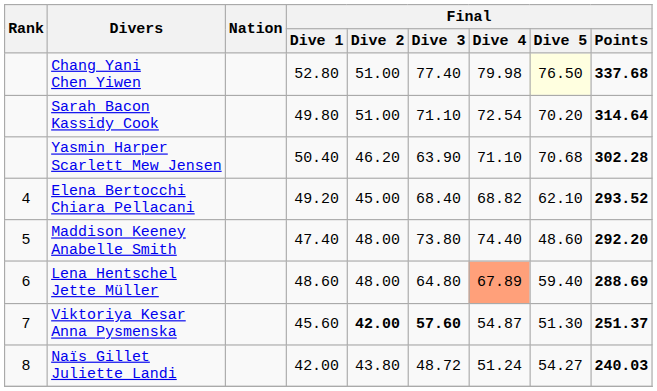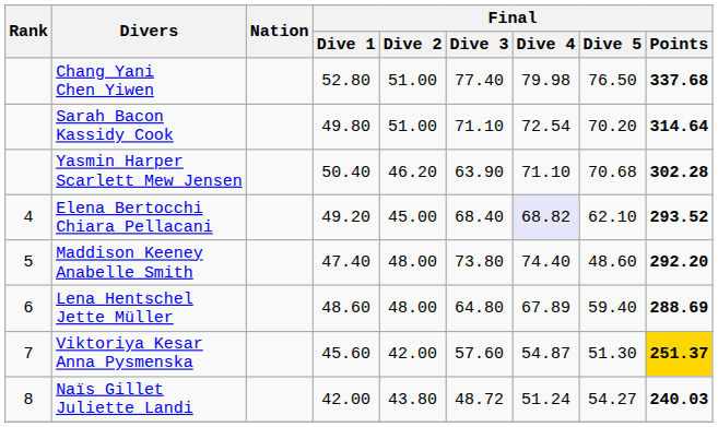 <table class="wikitable sortable" style="text-align:center">
 <tr>
 <th rowspan=2 data-sort-type=number>Rank</th>
 <th rowspan=2>Divers</th>
 <th rowspan=2>Nation</th>
 <th colspan=6>Final</th>
 </tr>
 <tr>
 <th>Dive 1</th>
 <th>Dive 2</th>
 <th>Dive 3</th>
 <th>Dive 4</th>
 <th>Dive 5</th>
 <th>Points</th>
 </tr>
 <tr>
 <td></td>
 <td align=left><a href='#'>Chang Yani</a><br><a href='#'>Chen Yiwen</a></td>
 <td align=left></td>
 <td>52.80</td>
 <td>51.00</td>
 <td>77.40</td>
 <td>79.98</td>
-<td style="background: lightyellow;">76.50</td>
+<td>76.50</td>
 <td><strong>337.68</strong></td>
 </tr>
 <tr>
 <td></td>
 <td align=left><a href='#'>Sarah Bacon</a><br><a href='#'>Kassidy Cook</a></td>
 <td align=left></td>
 <td>49.80</td>
 <td>51.00</td>
 <td>71.10</td>
 <td>72.54</td>
 <td>70.20</td>
 <td><strong>314.64</strong></td>
 </tr>
 <tr>
 <td></td>
 <td align=left><a href='#'>Yasmin Harper</a><br><a href='#'>Scarlett Mew Jensen</a></td>
 <td align=left></td>
 <td>50.40</td>
 <td>46.20</td>
 <td>63.90</td>
 <td>71.10</td>
 <td>70.68</td>
 <td><strong>302.28</strong></td>
 </tr>
 <tr>
 <td>4</td>
 <td align=left><a href='#'>Elena Bertocchi</a><br><a href='#'>Chiara Pellacani</a></td>
 <td align=left></td>
 <td>49.20</td>
 <td>45.00</td>
 <td>68.40</td>
-<td>68.82</td>
+<td style="background: lavender;">68.82</td>
 <td>62.10</td>
 <td><strong>293.52</strong></td>
 </tr>
 <tr>
 <td>5</td>
 <td align=left><a href='#'>Maddison Keeney</a><br><a href='#'>Anabelle Smith</a></td>
 <td align=left></td>
 <td>47.40</td>
 <td>48.00</td>
 <td>73.80</td>
 <td>74.40</td>
 <td>48.60</td>
 <td><strong>292.20</strong></td>
 </tr>
 <tr>
 <td>6</td>
 <td align=left><a href='#'>Lena Hentschel</a><br><a href='#'>Jette Müller</a></td>
 <td align=left></td>
 <td>48.60</td>
 <td>48.00</td>
 <td>64.80</td>
-<td style="background: lightsalmon;">67.89</td>
+<td>67.89</td>
 <td>59.40</td>
 <td><strong>288.69</strong></td>
 </tr>
 <tr>
 <td>7</td>
 <td align=left><a href='#'>Viktoriya Kesar</a><br><a href='#'>Anna Pysmenska</a></td>
 <td align=left></td>
 <td>45.60</td>
-<td><strong>42.00</strong></td>
-<td><strong>57.60</strong></td>
+<td>42.00</td>
+<td>57.60</td>
 <td>54.87</td>
 <td>51.30</td>
-<td><strong>251.37</strong></td>
+<td style="background: gold;"><strong>251.37</strong></td>
 </tr>
 <tr>
 <td>8</td>
 <td align=left><a href='#'>Naïs Gillet</a><br><a href='#'>Juliette Landi</a></td>
 <td align=left></td>
 <td>42.00</td>
 <td>43.80</td>
 <td>48.72</td>
 <td>51.24</td>
 <td>54.27</td>
 <td><strong>240.03</strong></td>
 </tr>
 <tr>
 </tr>
 </table>
